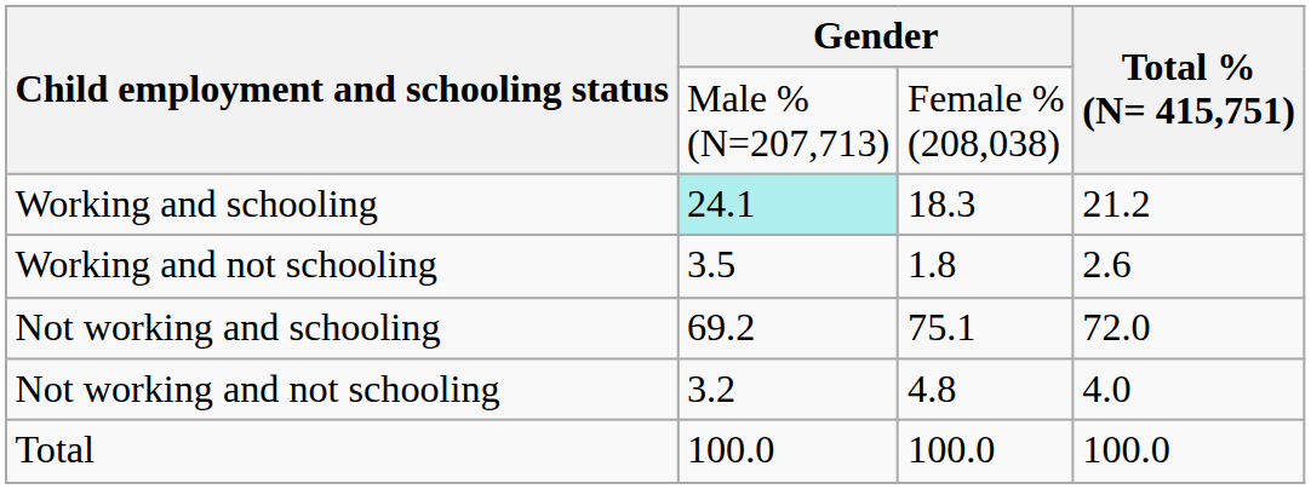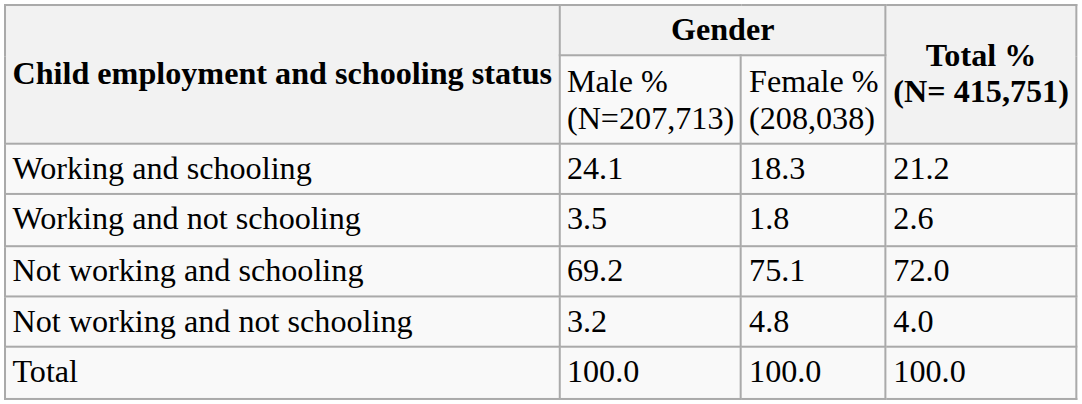 <table class="wikitable">
 <tr>
 <th rowspan="2">Child employment and schooling status</th>
 <th colspan="2">Gender</th>
 <th colspan="2" rowspan="2">Total %<br>(N= 415,751)</th>
 </tr>
 <tr>
 <td>Male %<br>(N=207,713)</td>
 <td>Female %<br>(208,038)</td>
 </tr>
 <tr>
 <td>Working and schooling</td>
-<td style="background: paleturquoise;">24.1</td>
+<td>24.1</td>
 <td>18.3</td>
 <td colspan="2">21.2</td>
 </tr>
 <tr>
 <td>Working and not schooling</td>
 <td>3.5</td>
 <td>1.8</td>
 <td colspan="2">2.6</td>
 </tr>
 <tr>
 <td>Not working and schooling</td>
 <td>69.2</td>
 <td>75.1</td>
 <td colspan="2">72.0</td>
 </tr>
 <tr>
 <td>Not working and not schooling</td>
 <td>3.2</td>
 <td>4.8</td>
 <td colspan="2">4.0</td>
 </tr>
 <tr>
 <td>Total</td>
 <td>100.0</td>
 <td>100.0</td>
 <td colspan="2">100.0</td>
 </tr>
 </table>
